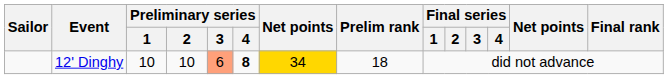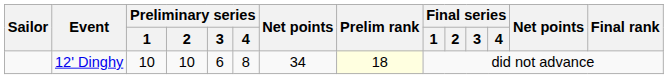 <table class="wikitable sortable" style="text-align:center">
 <tr>
 <th rowspan="2">Sailor</th>
 <th rowspan="2">Event</th>
 <th colspan=4>Preliminary series</th>
 <th rowspan=2>Net points</th>
 <th rowspan=2>Prelim rank</th>
 <th colspan=4>Final series</th>
 <th rowspan=2>Net points</th>
 <th rowspan=2>Final rank</th>
 </tr>
 <tr>
 <th>1</th>
 <th>2</th>
 <th>3</th>
 <th>4</th>
 <th>1</th>
 <th>2</th>
 <th>3</th>
 <th>4</th>
 </tr>
 <tr>
 <td align=left></td>
 <td align=left><a href='#'>12' Dinghy</a></td>
 <td>10</td>
 <td>10 </td>
-<td style="background: lightsalmon;">6</td>
-<td><strong>8</strong></td>
-<td style="background: gold;">34</td>
-<td>18</td>
+<td>6</td>
+<td>8</td>
+<td>34</td>
+<td style="background: lightyellow;">18</td>
 <td colspan=6>did not advance</td>
 </tr>
 </table>
